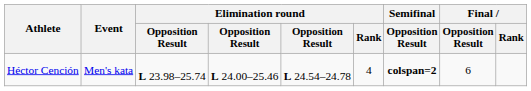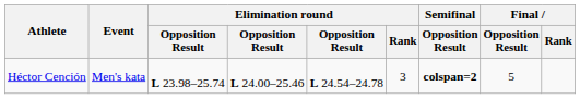 <table class=wikitable style=font-size:90%;text-align:center>
 <tr>
 <th rowspan=2>Athlete</th>
 <th rowspan=2>Event</th>
 <th colspan=4>Elimination round</th>
 <th>Semifinal</th>
 <th colspan=2>Final / </th>
 </tr>
 <tr style=font-size:95%>
 <th>Opposition<br>Result</th>
 <th>Opposition<br>Result</th>
 <th>Opposition<br>Result</th>
 <th>Rank</th>
 <th>Opposition<br>Result</th>
 <th>Opposition<br>Result</th>
 <th>Rank</th>
 </tr>
 <tr>
 <td align=left><a href='#'>Héctor Cención</a></td>
 <td align=left><a href='#'>Men's kata</a></td>
 <td><br><strong>L</strong> 23.98–25.74</td>
 <td><br><strong>L</strong> 24.00–25.46</td>
 <td><br><strong>L</strong> 24.54–24.78</td>
-<td>4</td>
+<td>3</td>
 <td><strong>colspan=2 </strong></td>
-<td>6</td>
+<td>5</td>
 </tr>
 </table>
